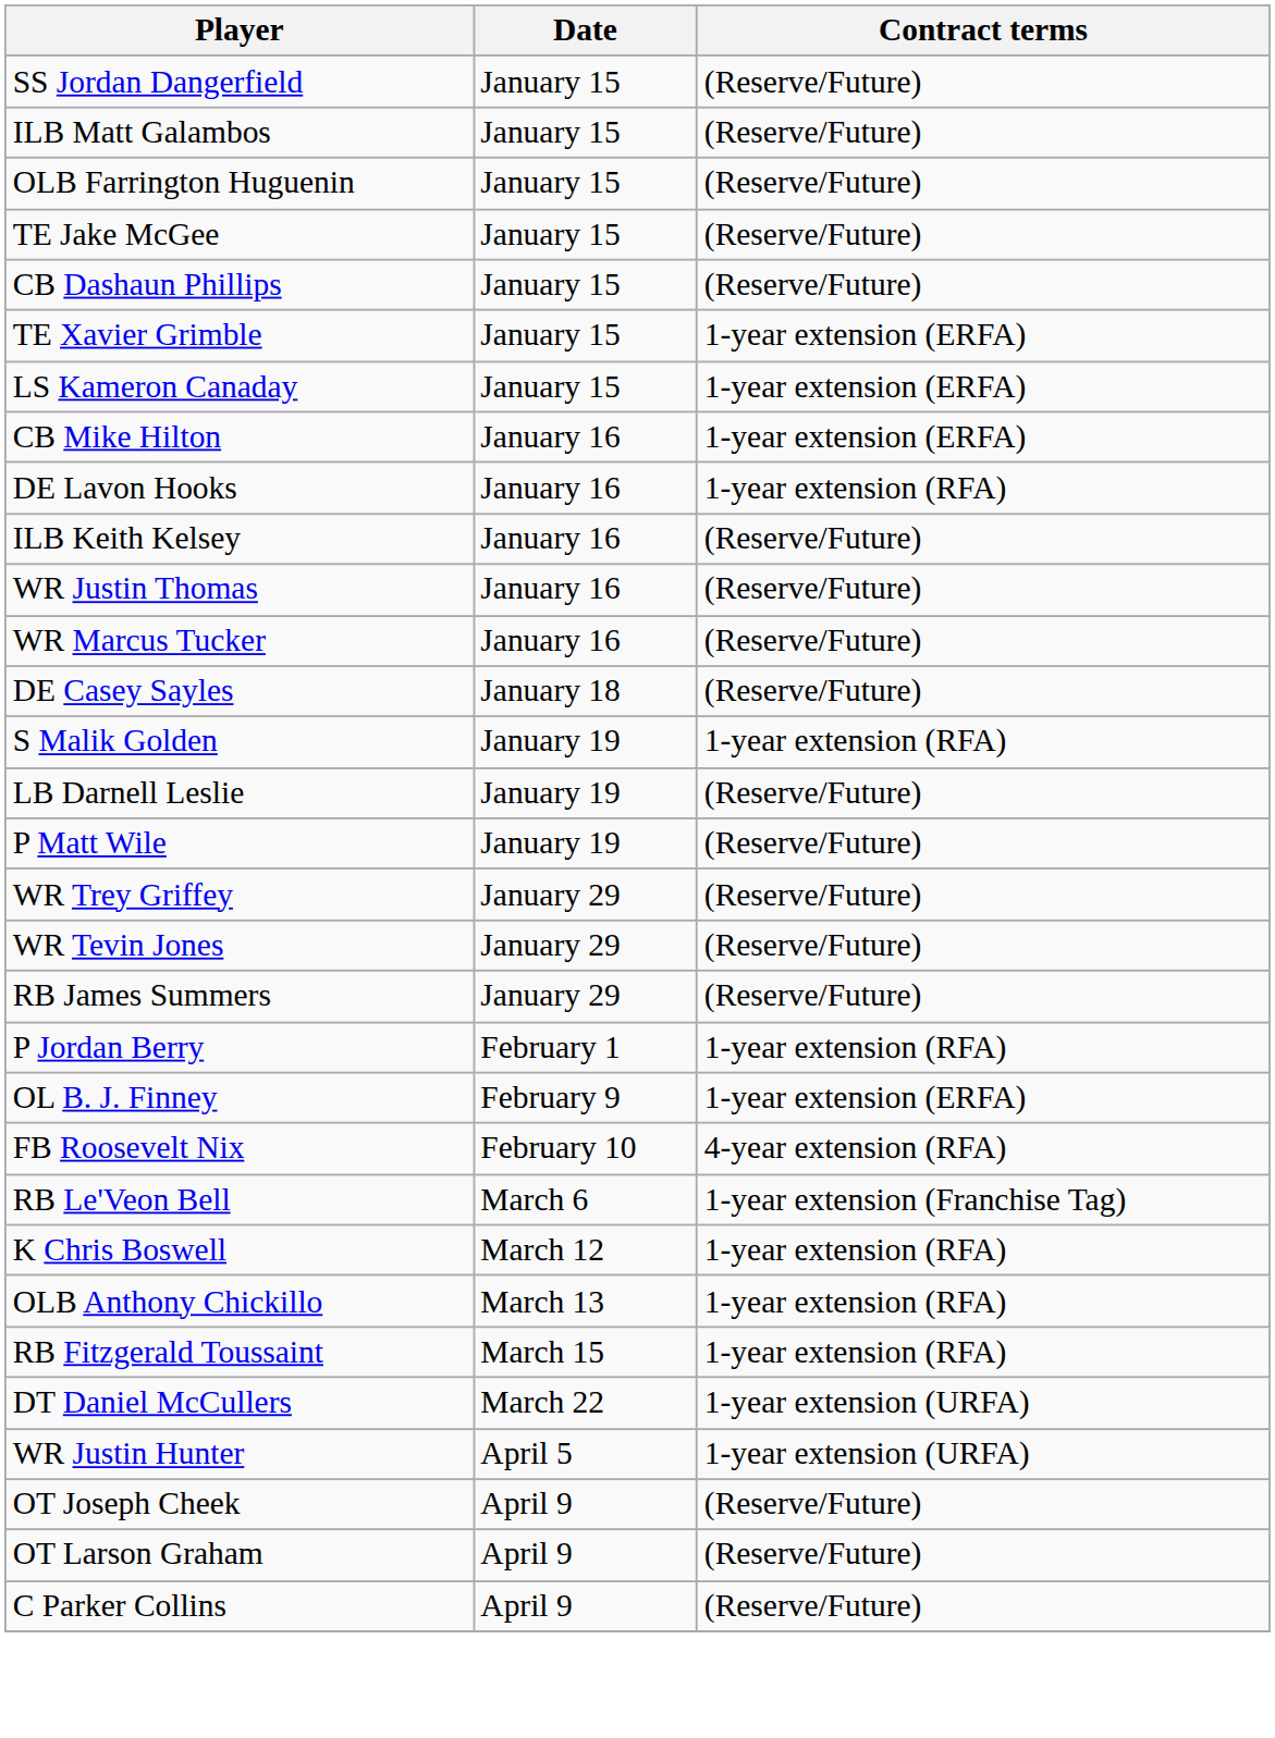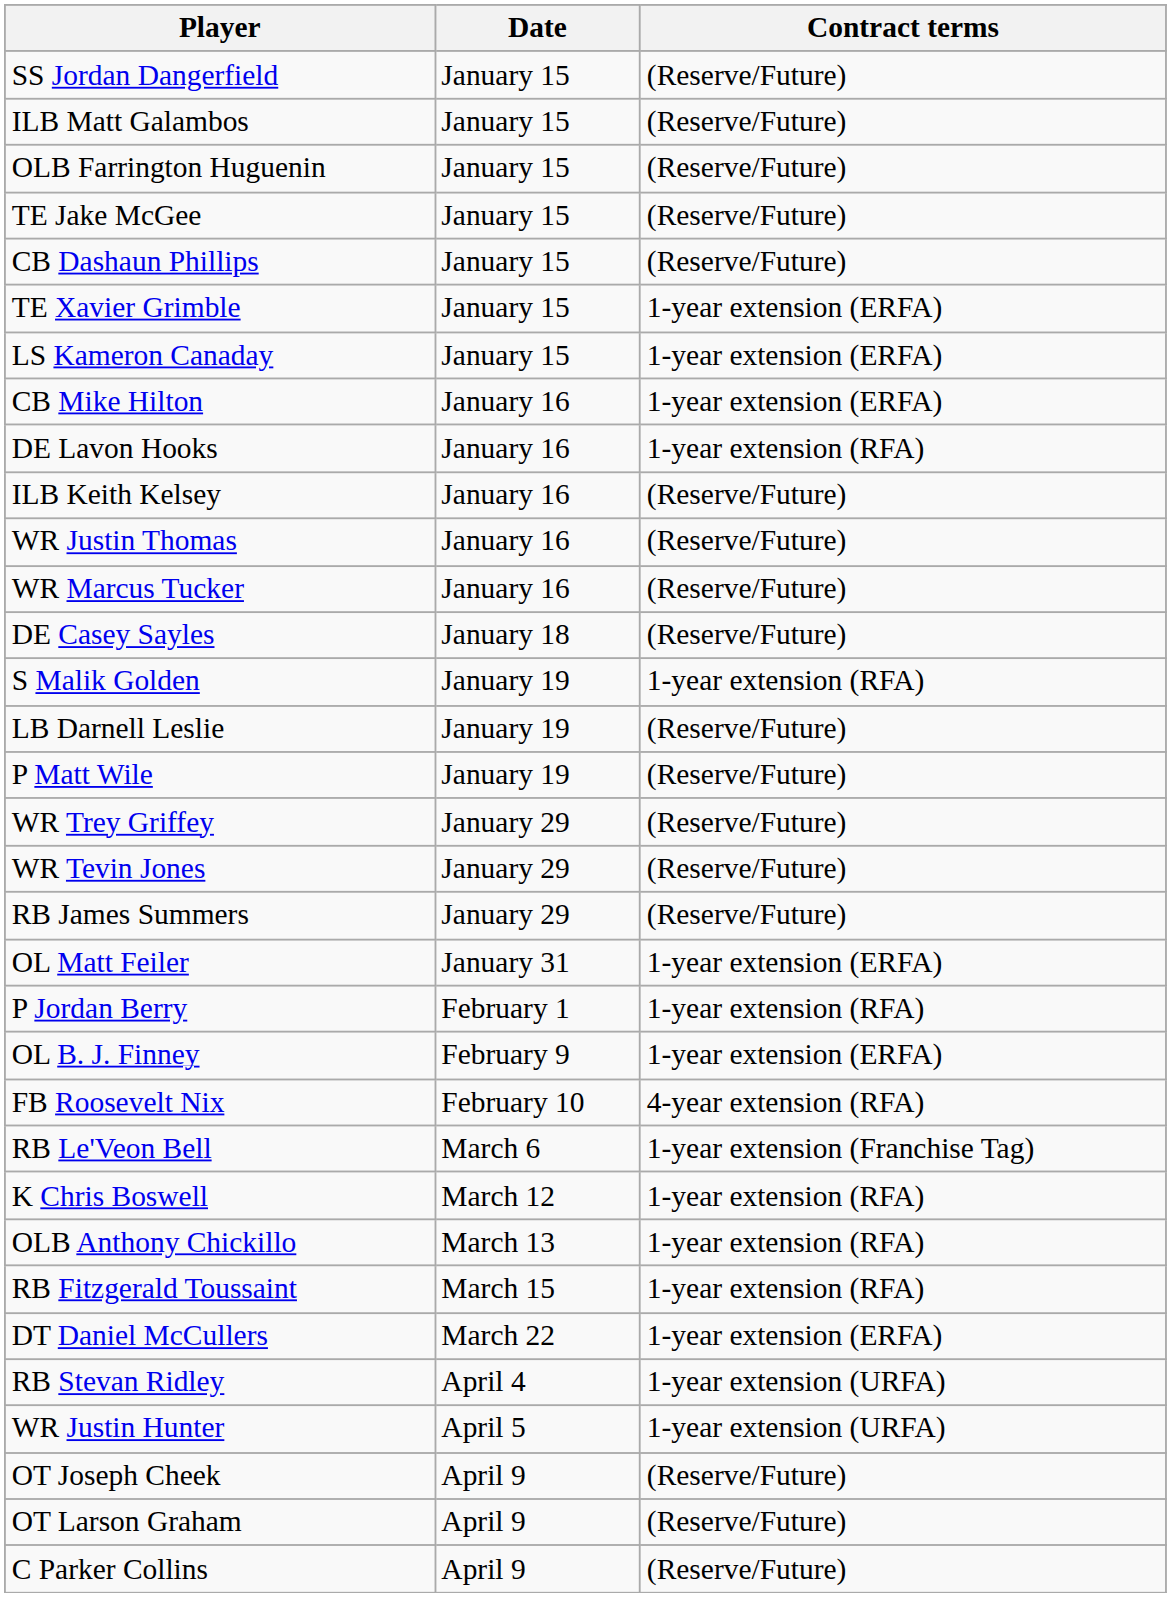 <table class="wikitable" style="width:50%">
 <tr style="text-align:center; background:#ddd">
 <th>Player</th>
 <th>Date</th>
 <th>Contract terms</th>
 </tr>
 <tr>
 <td>SS <a href='#'>Jordan Dangerfield</a></td>
 <td>January 15</td>
 <td>(Reserve/Future)</td>
 </tr>
 <tr>
 <td>ILB Matt Galambos</td>
 <td>January 15</td>
 <td>(Reserve/Future)</td>
 </tr>
 <tr>
 <td>OLB Farrington Huguenin</td>
 <td>January 15</td>
 <td>(Reserve/Future)</td>
 </tr>
 <tr>
 <td>TE Jake McGee</td>
 <td>January 15</td>
 <td>(Reserve/Future)</td>
 </tr>
 <tr>
 <td>CB <a href='#'>Dashaun Phillips</a></td>
 <td>January 15</td>
 <td>(Reserve/Future)</td>
 </tr>
 <tr>
 <td>TE <a href='#'>Xavier Grimble</a></td>
 <td>January 15</td>
 <td>1-year extension (ERFA)</td>
 </tr>
 <tr>
 <td>LS <a href='#'>Kameron Canaday</a></td>
 <td>January 15</td>
 <td>1-year extension (ERFA)</td>
 </tr>
 <tr>
 <td>CB <a href='#'>Mike Hilton</a></td>
 <td>January 16</td>
 <td>1-year extension (ERFA)</td>
 </tr>
 <tr>
 <td>DE Lavon Hooks</td>
 <td>January 16</td>
 <td>1-year extension (RFA)</td>
 </tr>
 <tr>
 <td>ILB Keith Kelsey</td>
 <td>January 16</td>
 <td>(Reserve/Future)</td>
 </tr>
 <tr>
 <td>WR <a href='#'>Justin Thomas</a></td>
 <td>January 16</td>
 <td>(Reserve/Future)</td>
 </tr>
 <tr>
 <td>WR <a href='#'>Marcus Tucker</a></td>
 <td>January 16</td>
 <td>(Reserve/Future)</td>
 </tr>
 <tr>
 <td>DE <a href='#'>Casey Sayles</a></td>
 <td>January 18</td>
 <td>(Reserve/Future)</td>
 </tr>
 <tr>
 <td>S <a href='#'>Malik Golden</a></td>
 <td>January 19</td>
 <td>1-year extension (RFA)</td>
 </tr>
 <tr>
 <td>LB Darnell Leslie</td>
 <td>January 19</td>
 <td>(Reserve/Future)</td>
 </tr>
 <tr>
 <td>P <a href='#'>Matt Wile</a></td>
 <td>January 19</td>
 <td>(Reserve/Future)</td>
 </tr>
 <tr>
 <td>WR <a href='#'>Trey Griffey</a></td>
 <td>January 29</td>
 <td>(Reserve/Future)</td>
 </tr>
 <tr>
 <td>WR <a href='#'>Tevin Jones</a></td>
 <td>January 29</td>
 <td>(Reserve/Future)</td>
 </tr>
 <tr>
 <td>RB James Summers</td>
 <td>January 29</td>
 <td>(Reserve/Future)</td>
 </tr>
 <tr>
+<td>OL <a href='#'>Matt Feiler</a></td>
+<td>January 31</td>
+<td>1-year extension (ERFA)</td>
+</tr>
+<tr>
 <td>P <a href='#'>Jordan Berry</a></td>
 <td>February 1</td>
 <td>1-year extension (RFA)</td>
 </tr>
 <tr>
 <td>OL <a href='#'>B. J. Finney</a></td>
 <td>February 9</td>
 <td>1-year extension (ERFA)</td>
 </tr>
 <tr>
 <td>FB <a href='#'>Roosevelt Nix</a></td>
 <td>February 10</td>
 <td>4-year extension (RFA)</td>
 </tr>
 <tr>
 <td>RB <a href='#'>Le'Veon Bell</a></td>
 <td>March 6</td>
 <td>1-year extension (Franchise Tag)</td>
 </tr>
 <tr>
 <td>K <a href='#'>Chris Boswell</a></td>
 <td>March 12</td>
 <td>1-year extension (RFA)</td>
 </tr>
 <tr>
 <td>OLB <a href='#'>Anthony Chickillo</a></td>
 <td>March 13</td>
 <td>1-year extension (RFA)</td>
 </tr>
 <tr>
 <td>RB <a href='#'>Fitzgerald Toussaint</a></td>
 <td>March 15</td>
 <td>1-year extension (RFA)</td>
 </tr>
 <tr>
 <td>DT <a href='#'>Daniel McCullers</a></td>
 <td>March 22</td>
+<td>1-year extension (ERFA)</td>
+</tr>
+<tr>
+<td>RB <a href='#'>Stevan Ridley</a></td>
+<td>April 4</td>
 <td>1-year extension (URFA)</td>
 </tr>
 <tr>
 <td>WR <a href='#'>Justin Hunter</a></td>
 <td>April 5</td>
 <td>1-year extension (URFA)</td>
 </tr>
 <tr>
 <td>OT Joseph Cheek</td>
 <td>April 9</td>
 <td>(Reserve/Future)</td>
 </tr>
 <tr>
 <td>OT Larson Graham</td>
 <td>April 9</td>
 <td>(Reserve/Future)</td>
 </tr>
 <tr>
 <td>C Parker Collins</td>
 <td>April 9</td>
 <td>(Reserve/Future)</td>
 </tr>
 <tr>
 </tr>
 </table>
